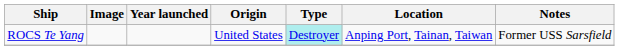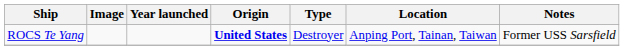 <table class="wikitable sortable">
 <tr>
 <th>Ship</th>
 <th>Image</th>
 <th>Year launched</th>
 <th>Origin</th>
 <th>Type</th>
 <th>Location</th>
 <th>Notes</th>
 </tr>
 <tr>
 <td data-sort-value=Sarsfield><a href='#'>ROCS <em>Te Yang</em></a></td>
 <td></td>
 <td></td>
-<td> <a href='#'>United States</a></td>
-<td style="background: paleturquoise;"><a href='#'>Destroyer</a></td>
+<td><strong> <a href='#'>United States</a></strong></td>
+<td><a href='#'>Destroyer</a></td>
 <td><a href='#'>Anping Port</a>, <a href='#'>Tainan</a>, <a href='#'>Taiwan</a><br></td>
 <td>Former USS <em>Sarsfield</em></td>
 </tr>
 <tr>
 </tr>
 </table>
